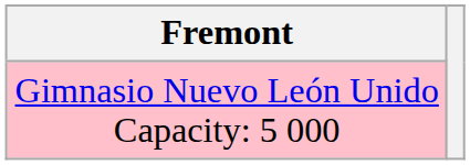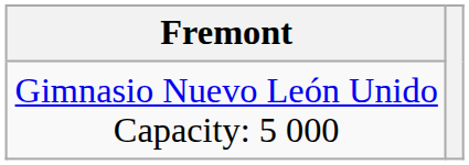 <table class="wikitable" style="margin:1em auto; text-align:center;">
 <tr>
 <th style="border-left:none; border-right;">Fremont</th>
 <th rowspan="6"></th>
 </tr>
 <tr>
-<td style="background: pink;"><a href='#'>Gimnasio Nuevo León Unido</a><br>Capacity: 5 000</td>
+<td><a href='#'>Gimnasio Nuevo León Unido</a><br>Capacity: 5 000</td>
 </tr>
 </table>
